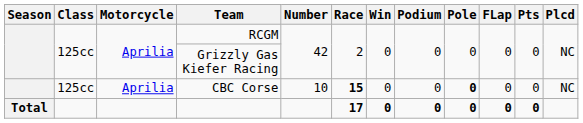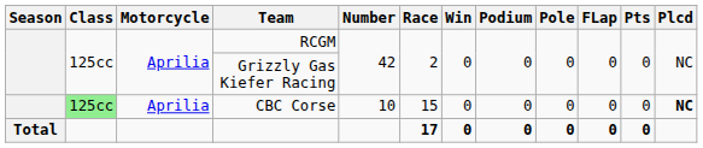 <table class="wikitable" style="text-align:right">
 <tr>
 <th>Season</th>
 <th>Class</th>
 <th>Motorcycle</th>
 <th>Team</th>
 <th>Number</th>
 <th>Race</th>
 <th>Win</th>
 <th>Podium</th>
 <th>Pole</th>
 <th>FLap</th>
 <th>Pts</th>
 <th>Plcd</th>
 </tr>
 <tr>
 <th rowspan=2></th>
 <td rowspan=2>125cc</td>
 <td rowspan=2><a href='#'>Aprilia</a></td>
 <td>RCGM</td>
 <td rowspan=2>42</td>
 <td rowspan=2>2</td>
 <td rowspan=2>0</td>
 <td rowspan=2>0</td>
 <td rowspan=2>0</td>
 <td rowspan=2>0</td>
 <td rowspan=2>0</td>
 <td rowspan=2>NC</td>
 </tr>
 <tr>
 <td>Grizzly Gas Kiefer Racing</td>
 </tr>
 <tr>
 <th></th>
-<td>125cc</td>
+<td style="background: lightgreen;">125cc</td>
 <td><a href='#'>Aprilia</a></td>
 <td>CBC Corse</td>
 <td>10</td>
-<td><strong>15</strong></td>
+<td>15</td>
 <td>0</td>
 <td>0</td>
-<td><strong>0</strong></td>
 <td>0</td>
 <td>0</td>
-<td>NC</td>
+<td>0</td>
+<td><strong>NC</strong></td>
 </tr>
 <tr>
 <th>Total</th>
 <td></td>
 <td></td>
 <td></td>
 <td></td>
 <td><strong>17</strong></td>
 <td><strong>0</strong></td>
 <td><strong>0</strong></td>
 <td><strong>0</strong></td>
 <td><strong>0</strong></td>
 <td><strong>0</strong></td>
 <td></td>
 </tr>
 </table>
